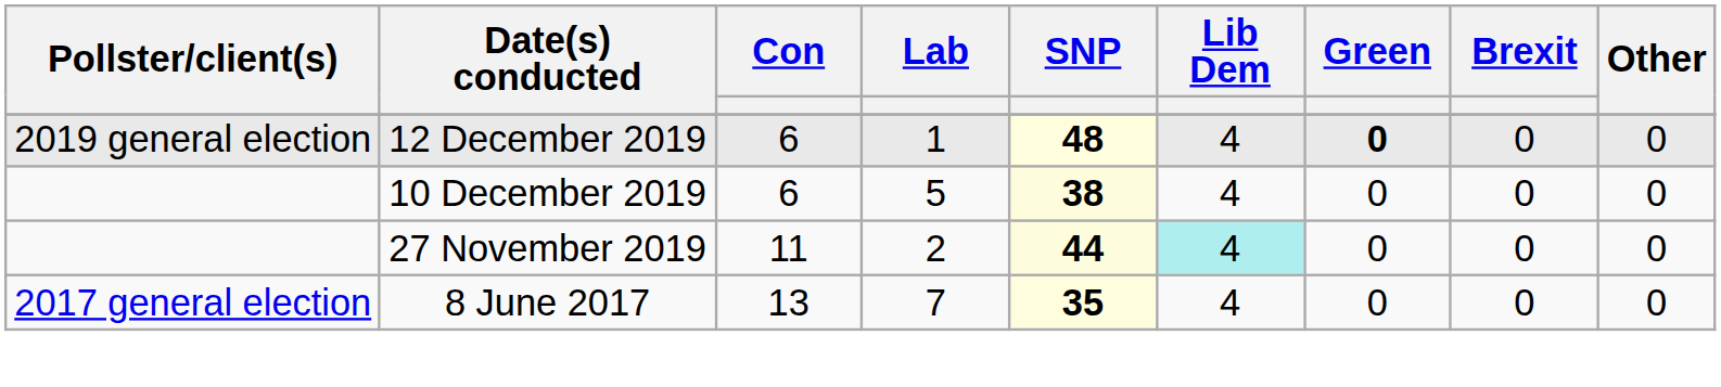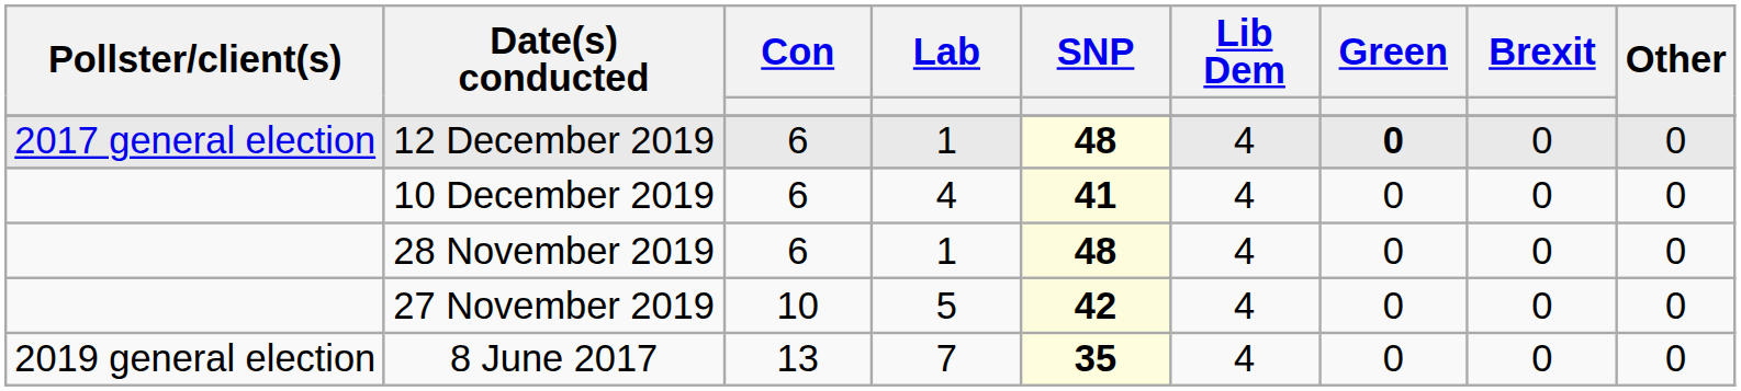 <table class="wikitable sortable" style="text-align:center;font-size:90%;line-height:14px;">
 <tr>
 <th rowspan="2">Pollster/client(s)</th>
 <th rowspan="2">Date(s)<br>conducted</th>
 <th class="unsortable" style="width:50px;"><a href='#'>Con</a></th>
 <th class="unsortable" style="width:50px;"><a href='#'>Lab</a></th>
 <th class="unsortable" style="width:50px;"><a href='#'>SNP</a></th>
 <th class="unsortable" style="width:50px;"><a href='#'>Lib Dem</a></th>
 <th class="unsortable" style="width:50px;"><a href='#'>Green</a></th>
 <th class="unsortable" style="width:50px;"><a href='#'>Brexit</a></th>
 <th rowspan="2" class="unsortable">Other</th>
 </tr>
 <tr>
 <th data-sort-type="number" style="background:"></th>
 <th data-sort-type="number" style="background:"></th>
 <th data-sort-type="number" style="background:"></th>
 <th data-sort-type="number" style="background:"></th>
 <th data-sort-type="number" style="background:"></th>
 <th data-sort-type="number" style="background:"></th>
 </tr>
 <tr>
 </tr>
 <tr style="background:#E9E9E9;">
-<td>2019 general election</td>
+<td><a href='#'>2017 general election</a></td>
 <td>12 December 2019</td>
 <td>6</td>
 <td>1</td>
 <td style="background:#FEFDDE;"><strong>48</strong></td>
 <td>4</td>
 <td><strong>0</strong></td>
 <td>0</td>
 <td>0</td>
 </tr>
 <tr>
 <td></td>
 <td>10 December 2019</td>
 <td>6</td>
-<td>5</td>
-<td style="background:#FDFDDE;"><strong>38</strong></td>
+<td>4</td>
+<td style="background:#FDFDDE;"><strong>41</strong></td>
+<td>4</td>
+<td>0</td>
+<td>0</td>
+<td>0</td>
+</tr>
+<tr>
+<td> </td>
+<td>28 November 2019</td>
+<td>6</td>
+<td>1</td>
+<td style="background:#FDFDDE;"><strong>48</strong></td>
 <td>4</td>
 <td>0</td>
 <td>0</td>
 <td>0</td>
 </tr>
 <tr>
 <td></td>
 <td>27 November 2019</td>
-<td>11</td>
-<td>2</td>
-<td style="background:#FDFDDE;"><strong>44</strong></td>
-<td style="background: paleturquoise;">4</td>
+<td>10</td>
+<td>5</td>
+<td style="background:#FDFDDE;"><strong>42</strong></td>
+<td>4</td>
 <td>0</td>
 <td>0</td>
 <td>0</td>
 </tr>
 <tr>
-<td><a href='#'>2017 general election</a></td>
+<td>2019 general election</td>
 <td>8 June 2017</td>
 <td>13</td>
 <td>7</td>
 <td style="background:#FEFDDE;"><strong>35</strong></td>
 <td>4</td>
 <td>0</td>
 <td>0</td>
 <td>0</td>
 </tr>
 </table>
